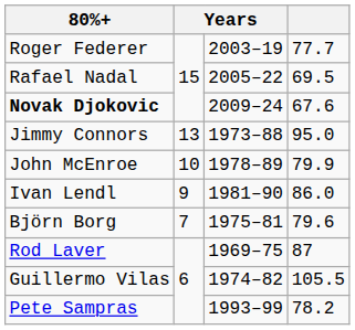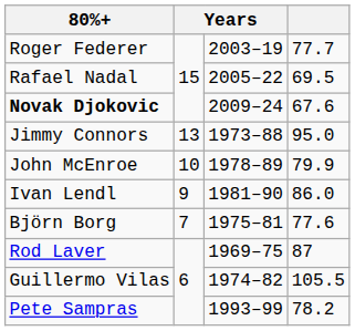 <table class="wikitable" style="display:inline-table;">
 <tr>
 <th>80%+</th>
 <th colspan="2">Years</th>
 <th></th>
 </tr>
 <tr>
 <td> Roger Federer</td>
 <td rowspan="3">15</td>
 <td>2003–19</td>
 <td>77.7</td>
 </tr>
 <tr>
 <td> Rafael Nadal</td>
 <td>2005–22</td>
 <td>69.5</td>
 </tr>
 <tr>
 <td><strong> Novak Djokovic</strong></td>
 <td>2009–24</td>
 <td>67.6</td>
 </tr>
 <tr>
 <td> Jimmy Connors</td>
 <td>13</td>
 <td>1973–88</td>
 <td>95.0</td>
 </tr>
 <tr>
 <td> John McEnroe</td>
 <td>10</td>
 <td>1978–89</td>
 <td>79.9</td>
 </tr>
 <tr>
 <td> Ivan Lendl</td>
 <td>9</td>
 <td>1981–90</td>
 <td>86.0</td>
 </tr>
 <tr>
 <td> Björn Borg</td>
 <td>7</td>
 <td>1975–81</td>
-<td>79.6</td>
+<td>77.6</td>
 </tr>
 <tr>
 <td> <a href='#'>Rod Laver</a></td>
 <td rowspan="3">6</td>
 <td>1969–75</td>
 <td>87</td>
 </tr>
 <tr>
 <td> Guillermo Vilas</td>
 <td>1974–82</td>
 <td>105.5</td>
 </tr>
 <tr>
 <td> <a href='#'>Pete Sampras</a></td>
 <td>1993–99</td>
 <td>78.2</td>
 </tr>
 </table>
